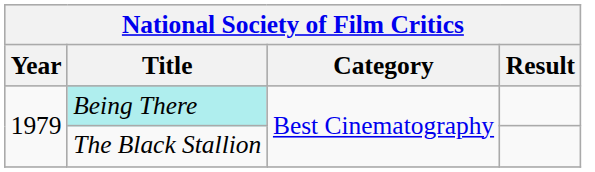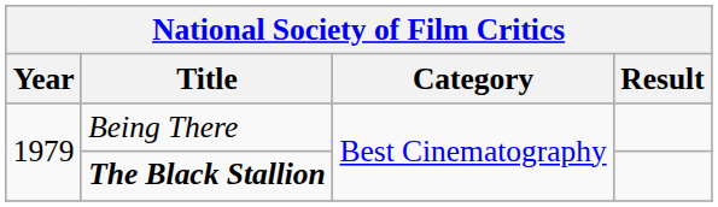 <table class="wikitable">
 <tr>
 <th colspan=4><a href='#'>National Society of Film Critics</a></th>
 </tr>
 <tr>
 <th>Year</th>
 <th>Title</th>
 <th>Category</th>
 <th>Result</th>
 </tr>
 <tr>
 <td rowspan=2>1979</td>
-<td style="background: paleturquoise;"><em>Being There</em></td>
+<td><em>Being There</em></td>
 <td rowspan=2><a href='#'>Best Cinematography</a></td>
 <td></td>
 </tr>
 <tr>
-<td><em>The Black Stallion</em></td>
+<td><strong><em>The Black Stallion</em></strong></td>
 <td></td>
 </tr>
 </table>
